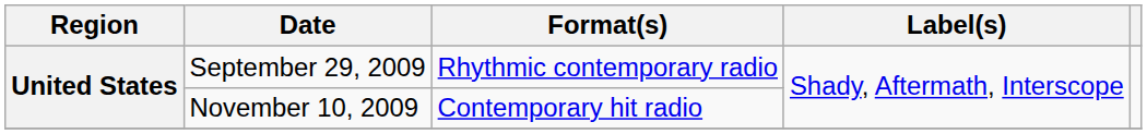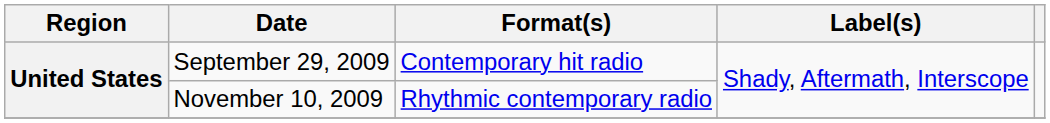 <table class="wikitable plainrowheaders">
 <tr>
 <th scope="col">Region</th>
 <th scope="col">Date</th>
 <th scope="col">Format(s)</th>
 <th scope="col">Label(s)</th>
 <th scope="col"></th>
 </tr>
 <tr>
 <th rowspan="2" scope="row">United States</th>
 <td>September 29, 2009</td>
-<td><a href='#'>Rhythmic contemporary radio</a></td>
+<td><a href='#'>Contemporary hit radio</a></td>
 <td rowspan="2"><a href='#'>Shady</a>, <a href='#'>Aftermath</a>, <a href='#'>Interscope</a></td>
 <td align="center" rowspan="2"></td>
 </tr>
 <tr>
 <td>November 10, 2009</td>
-<td><a href='#'>Contemporary hit radio</a></td>
+<td><a href='#'>Rhythmic contemporary radio</a></td>
 </tr>
 <tr>
 </tr>
 </table>
